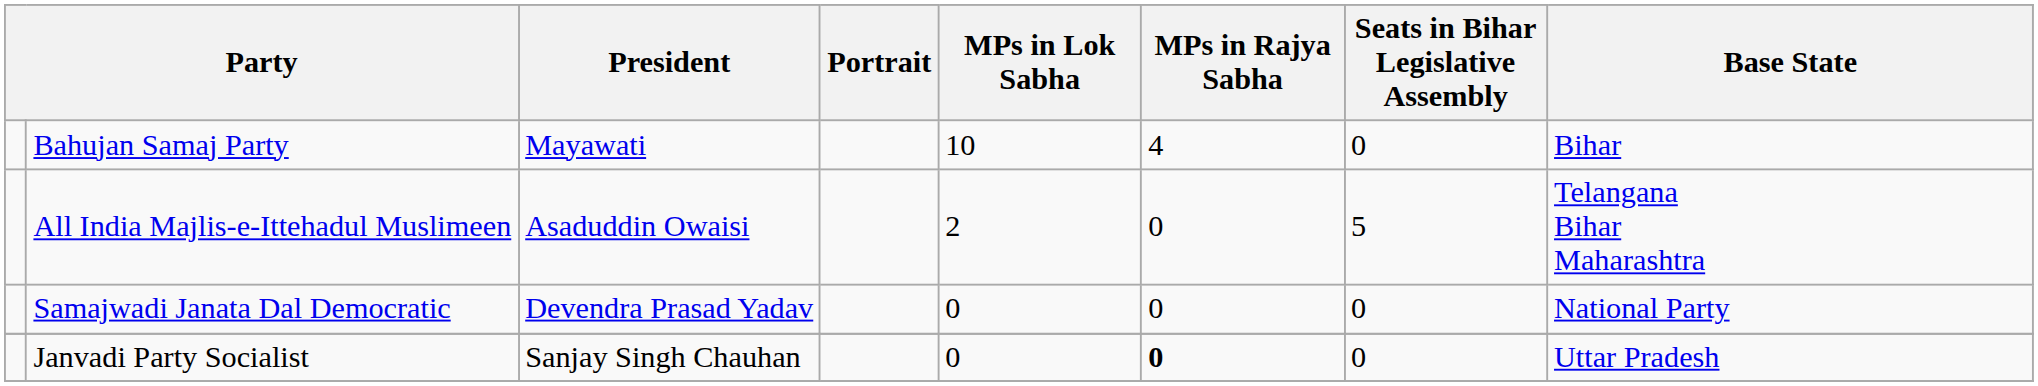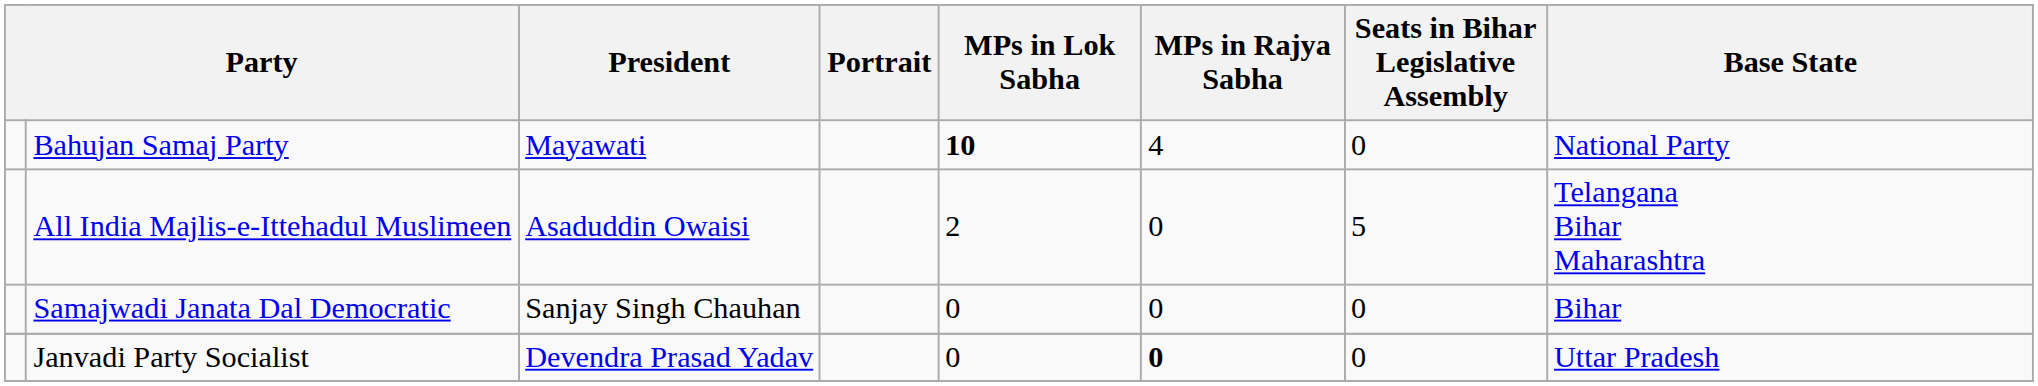 <table class="wikitable sortable mw-collapsible">
 <tr>
 <th colspan="2" style="width:30px;">Party</th>
 <th scope="col">President</th>
 <th>Portrait</th>
 <th style="width:100px;">MPs in Lok Sabha</th>
 <th style="width:100px;">MPs in Rajya Sabha</th>
 <th style="width:100px;">Seats in Bihar Legislative Assembly</th>
 <th style="width:250px;">Base State</th>
 </tr>
 <tr>
 <td width="4px" style="background-color: "></td>
 <td><a href='#'>Bahujan Samaj Party</a> </td>
 <td><a href='#'>Mayawati</a></td>
 <td></td>
-<td>10</td>
+<td><strong>10</strong></td>
 <td>4</td>
 <td>0</td>
-<td><a href='#'>Bihar</a></td>
+<td><a href='#'>National Party</a></td>
 </tr>
 <tr>
 <td width="4px" style="background-color: "></td>
 <td><a href='#'>All India Majlis-e-Ittehadul Muslimeen</a> </td>
 <td><a href='#'>Asaduddin Owaisi</a></td>
 <td></td>
 <td>2</td>
 <td>0</td>
 <td>5</td>
 <td><a href='#'>Telangana</a><br><a href='#'>Bihar</a><br><a href='#'>Maharashtra</a></td>
 </tr>
 <tr>
 <td width="4px" style="background-color: "></td>
 <td><a href='#'>Samajwadi Janata Dal Democratic</a></td>
-<td><a href='#'>Devendra Prasad Yadav</a></td>
+<td>Sanjay Singh Chauhan</td>
 <td></td>
 <td>0</td>
 <td>0</td>
 <td>0</td>
-<td><a href='#'>National Party</a></td>
+<td><a href='#'>Bihar</a></td>
 </tr>
 <tr>
 </tr>
 <tr>
 <td width="4px" style="background-color: "></td>
 <td>Janvadi Party Socialist</td>
-<td>Sanjay Singh Chauhan</td>
+<td><a href='#'>Devendra Prasad Yadav</a></td>
 <td></td>
 <td>0</td>
 <td><strong>0</strong></td>
 <td>0</td>
 <td><a href='#'>Uttar Pradesh</a></td>
 </tr>
 <tr>
 </tr>
 </table>
